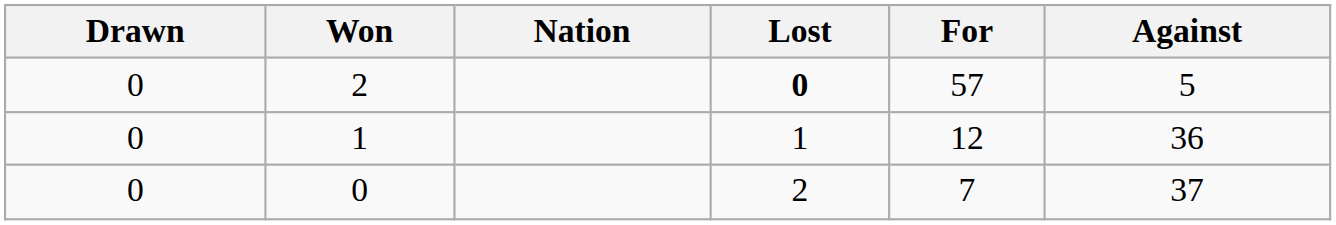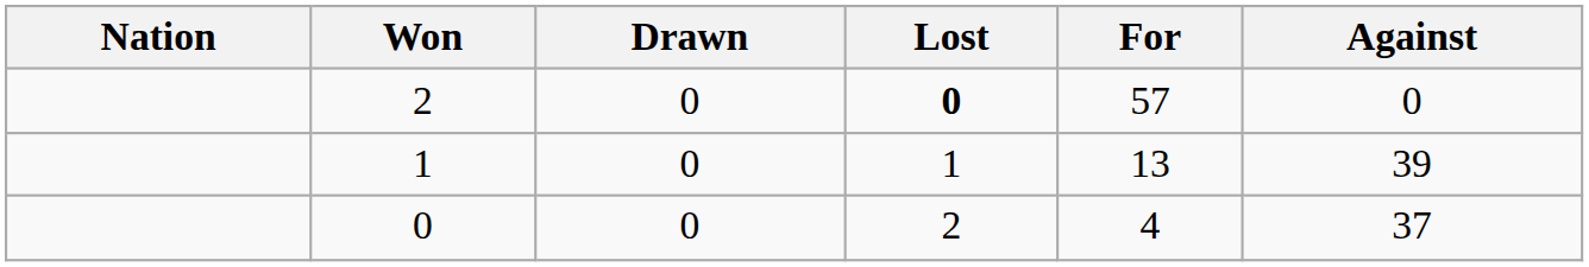 <table class="wikitable" style="text-align: center; width:50%">
 <tr>
+<th>Nation</th>
+<th>Won</th>
 <th>Drawn</th>
-<th>Won</th>
-<th>Nation</th>
 <th>Lost</th>
 <th>For</th>
 <th>Against</th>
 </tr>
 <tr>
+<td align=left></td>
+<td>2</td>
+<td>0</td>
+<td><strong>0</strong></td>
+<td>57</td>
+<td>0</td>
+</tr>
+<tr>
+<td align=left></td>
+<td>1</td>
+<td>0</td>
+<td>1</td>
+<td>13</td>
+<td>39</td>
+</tr>
+<tr>
+<td align=left></td>
+<td>0</td>
 <td>0</td>
 <td>2</td>
-<td align=left></td>
-<td><strong>0</strong></td>
-<td>57</td>
-<td>5</td>
-</tr>
-<tr>
-<td>0</td>
-<td>1</td>
-<td align=left></td>
-<td>1</td>
-<td>12</td>
-<td>36</td>
-</tr>
-<tr>
-<td>0</td>
-<td>0</td>
-<td align=left></td>
-<td>2</td>
-<td>7</td>
+<td>4</td>
 <td>37</td>
 </tr>
 </table>
